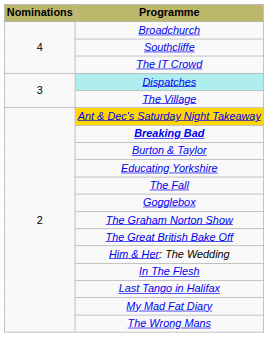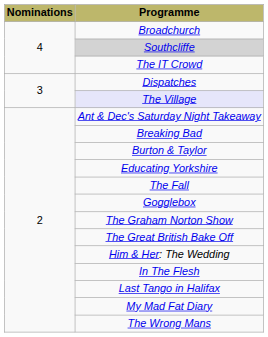 <table class="wikitable" style="text-align:center">
 <tr>
 <th style="background:#BDB76B;">Nominations</th>
 <th style="background:#BDB76B;">Programme</th>
 </tr>
 <tr>
 <td rowspan ="3">4</td>
 <td><em><a href='#'>Broadchurch</a></em></td>
 </tr>
 <tr>
-<td><em><a href='#'>Southcliffe</a></em></td>
+<td style="background: lightgrey;"><em><a href='#'>Southcliffe</a></em></td>
 </tr>
 <tr>
 <td><em><a href='#'>The IT Crowd</a></em></td>
 </tr>
 <tr>
 <td rowspan="2">3</td>
-<td style="background: paleturquoise;"><em><a href='#'>Dispatches</a></em></td>
+<td><em><a href='#'>Dispatches</a></em></td>
 </tr>
 <tr>
-<td><em><a href='#'>The Village</a></em></td>
+<td style="background: lavender;"><em><a href='#'>The Village</a></em></td>
 </tr>
 <tr>
 <td rowspan="13">2</td>
-<td style="background: gold;"><em><a href='#'>Ant & Dec's Saturday Night Takeaway</a></em></td>
+<td><em><a href='#'>Ant & Dec's Saturday Night Takeaway</a></em></td>
 </tr>
 <tr>
-<td><strong><em><a href='#'>Breaking Bad</a></em></strong></td>
+<td><em><a href='#'>Breaking Bad</a></em></td>
 </tr>
 <tr>
 <td><em><a href='#'>Burton & Taylor</a></em></td>
 </tr>
 <tr>
 <td><em><a href='#'>Educating Yorkshire</a></em></td>
 </tr>
 <tr>
 <td><em><a href='#'>The Fall</a></em></td>
 </tr>
 <tr>
 <td><em><a href='#'>Gogglebox</a></em></td>
 </tr>
 <tr>
 <td><em><a href='#'>The Graham Norton Show</a></em></td>
 </tr>
 <tr>
 <td><em><a href='#'>The Great British Bake Off</a></em></td>
 </tr>
 <tr>
 <td><em><a href='#'>Him & Her</a>: The Wedding</em></td>
 </tr>
 <tr>
 <td><em><a href='#'>In The Flesh</a></em></td>
 </tr>
 <tr>
 <td><em><a href='#'>Last Tango in Halifax</a></em></td>
 </tr>
 <tr>
 <td><em><a href='#'>My Mad Fat Diary</a></em></td>
 </tr>
 <tr>
 <td><em><a href='#'>The Wrong Mans</a></em></td>
 </tr>
 </table>
